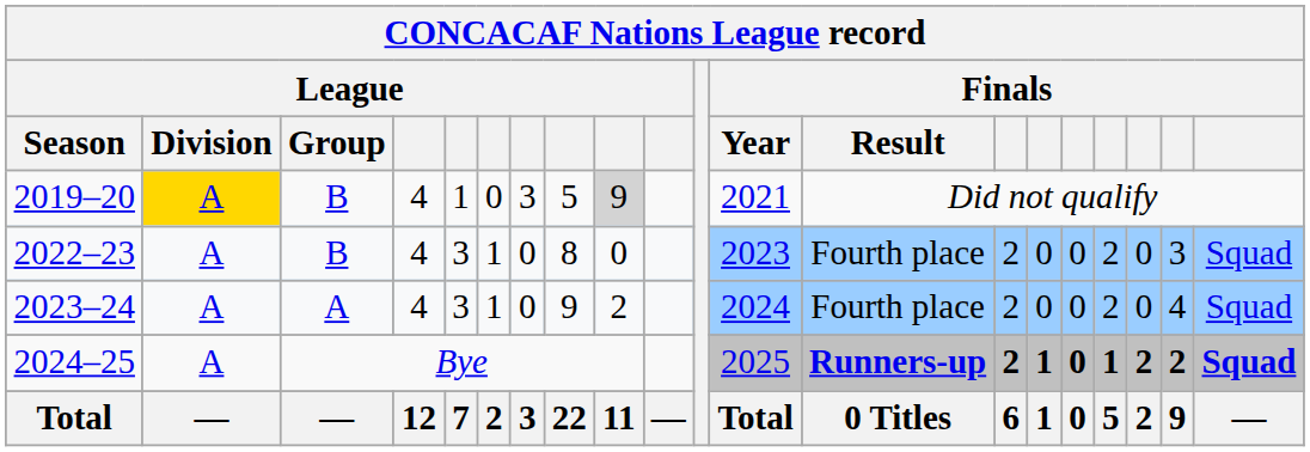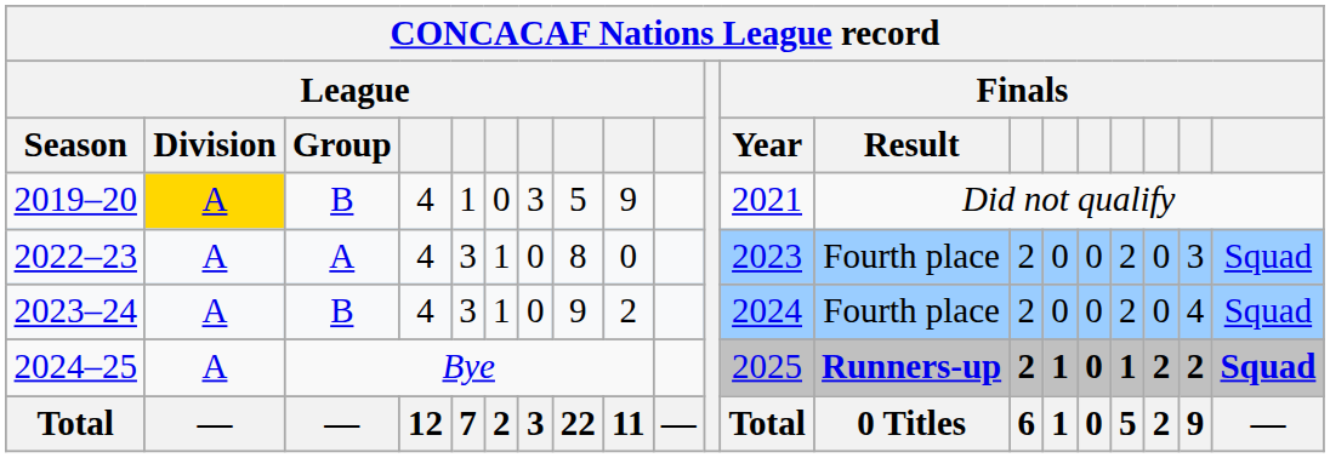 <table class="wikitable" style="text-align: center;">
 <tr>
 <th colspan=21><a href='#'>CONCACAF Nations League</a> record</th>
 </tr>
 <tr>
 <th colspan=10>League</th>
 <th rowspan=7></th>
 <th colspan=9>Finals</th>
 </tr>
 <tr>
 <th>Season</th>
 <th>Division</th>
 <th>Group</th>
 <th></th>
 <th></th>
 <th></th>
 <th></th>
 <th></th>
 <th></th>
 <th></th>
 <th>Year</th>
 <th>Result</th>
 <th></th>
 <th></th>
 <th></th>
 <th></th>
 <th></th>
 <th></th>
 <th></th>
 </tr>
 <tr>
 <td><a href='#'>2019–20</a></td>
 <td style="background: gold;"><a href='#'>A</a></td>
 <td><a href='#'>B</a></td>
 <td>4</td>
 <td>1</td>
 <td>0</td>
 <td>3</td>
 <td>5</td>
-<td style="background: lightgrey;">9</td>
+<td>9</td>
 <td></td>
 <td> <a href='#'>2021</a></td>
 <td colspan=8><em>Did not qualify</em></td>
 </tr>
 <tr style="background:#9acdff">
 <td bgcolor="#f8f9fa"><a href='#'>2022–23</a></td>
 <td bgcolor="#f8f9fa"><a href='#'>A</a></td>
-<td bgcolor="#f8f9fa"><a href='#'>B</a></td>
+<td bgcolor="#f8f9fa"><a href='#'>A</a></td>
 <td bgcolor="#f8f9fa">4</td>
 <td bgcolor="#f8f9fa">3</td>
 <td bgcolor="#f8f9fa">1</td>
 <td bgcolor="#f8f9fa">0</td>
 <td bgcolor="#f8f9fa">8</td>
 <td bgcolor="#f8f9fa">0</td>
 <td bgcolor="#f8f9fa"></td>
 <td> <a href='#'>2023</a></td>
 <td>Fourth place</td>
 <td>2</td>
 <td>0</td>
 <td>0</td>
 <td>2</td>
 <td>0</td>
 <td>3</td>
 <td><a href='#'>Squad</a></td>
 </tr>
 <tr style="background:#9acdff">
 <td bgcolor="#f8f9fa"><a href='#'>2023–24</a></td>
 <td bgcolor="#f8f9fa"><a href='#'>A</a></td>
-<td bgcolor="#f8f9fa"><a href='#'>A</a></td>
+<td bgcolor="#f8f9fa"><a href='#'>B</a></td>
 <td bgcolor="#f8f9fa">4</td>
 <td bgcolor="#f8f9fa">3</td>
 <td bgcolor="#f8f9fa">1</td>
 <td bgcolor="#f8f9fa">0</td>
 <td bgcolor="#f8f9fa">9</td>
 <td bgcolor="#f8f9fa">2</td>
 <td bgcolor="#f8f9fa"></td>
 <td> <a href='#'>2024</a></td>
 <td>Fourth place</td>
 <td>2</td>
 <td>0</td>
 <td>0</td>
 <td>2</td>
 <td>0</td>
 <td>4</td>
 <td><a href='#'>Squad</a></td>
 </tr>
 <tr>
 <td><a href='#'>2024–25</a></td>
 <td><a href='#'>A</a></td>
 <td colspan=7><em><a href='#'>Bye</a></em></td>
 <td></td>
 <td bgcolor=silver> <a href='#'>2025</a></td>
 <td bgcolor=silver><strong><a href='#'>Runners-up</a></strong></td>
 <td bgcolor=silver><strong>2</strong></td>
 <td bgcolor=silver><strong>1</strong></td>
 <td bgcolor=silver><strong>0</strong></td>
 <td bgcolor=silver><strong>1</strong></td>
 <td bgcolor=silver><strong>2</strong></td>
 <td bgcolor=silver><strong>2</strong></td>
 <td bgcolor=silver><strong><a href='#'>Squad</a></strong></td>
 </tr>
 <tr>
 <th>Total</th>
 <th>—</th>
 <th>—</th>
 <th>12</th>
 <th>7</th>
 <th>2</th>
 <th>3</th>
 <th>22</th>
 <th>11</th>
 <th>—</th>
 <th>Total</th>
 <th>0 Titles</th>
 <th>6</th>
 <th>1</th>
 <th>0</th>
 <th>5</th>
 <th>2</th>
 <th>9</th>
 <th>—</th>
 </tr>
 </table>
